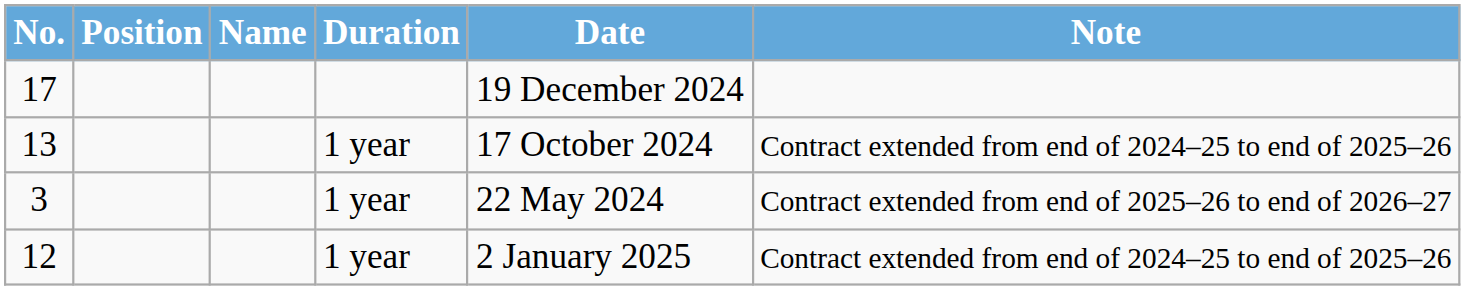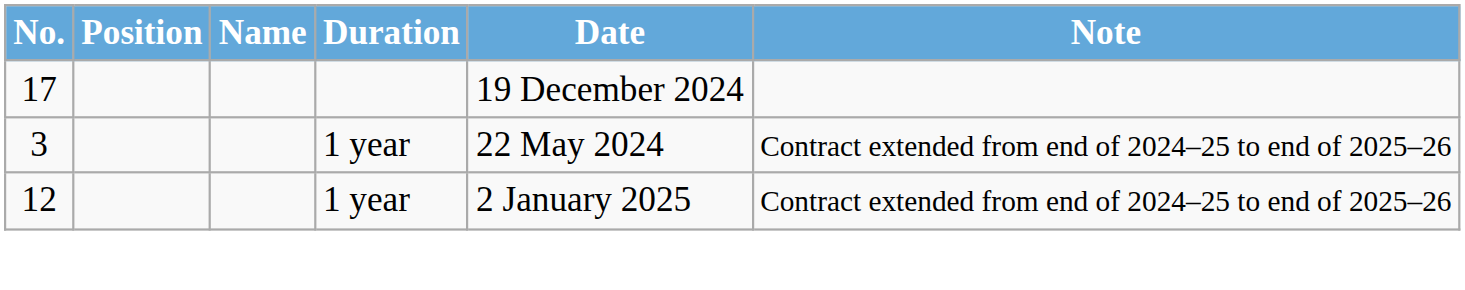 <table class="wikitable sortable">
 <tr>
 <th style="background:#62a8da;color:white">No.</th>
 <th style="background:#62a8da;color:white">Position</th>
 <th style="background:#62a8da;color:white">Name</th>
 <th style="background:#62a8da;color:white">Duration</th>
 <th style="background:#62a8da;color:white">Date</th>
 <th style="background:#62a8da;color:white">Note</th>
 </tr>
 <tr>
 <td style="text-align:center;">17</td>
 <td style="text-align:center;"></td>
 <td></td>
 <td></td>
 <td>19 December 2024</td>
 <td></td>
 </tr>
 <tr>
-<td style="text-align:center;">13</td>
-<td style="text-align:center;"></td>
-<td></td>
-<td>1 year</td>
-<td>17 October 2024</td>
-<td><small>Contract extended from end of 2024–25 to end of 2025–26</small></td>
-</tr>
-<tr>
 <td style="text-align:center;">3</td>
 <td style="text-align:center;"></td>
 <td></td>
 <td>1 year</td>
 <td>22 May 2024</td>
-<td><small>Contract extended from end of 2025–26 to end of 2026–27</small></td>
+<td><small>Contract extended from end of 2024–25 to end of 2025–26</small></td>
 </tr>
 <tr>
 <td style="text-align:center;">12</td>
 <td style="text-align:center;"></td>
 <td></td>
 <td>1 year</td>
 <td>2 January 2025</td>
 <td><small>Contract extended from end of 2024–25 to end of 2025–26</small></td>
 </tr>
 </table>
